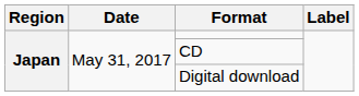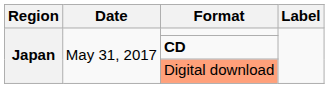 <table class="wikitable plainrowheaders">
 <tr>
 <th scope="col">Region</th>
 <th scope="col">Date</th>
 <th scope="col">Format</th>
 <th scope="col">Label</th>
 </tr>
 <tr>
 <th scope="row" rowspan="3">Japan</th>
 <td rowspan="3">May 31, 2017</td>
 <td></td>
 <td rowspan="3"></td>
 </tr>
 <tr>
-<td>CD</td>
+<td><strong>CD</strong></td>
 </tr>
 <tr>
-<td>Digital download</td>
+<td style="background: lightsalmon;">Digital download</td>
 </tr>
 </table>
